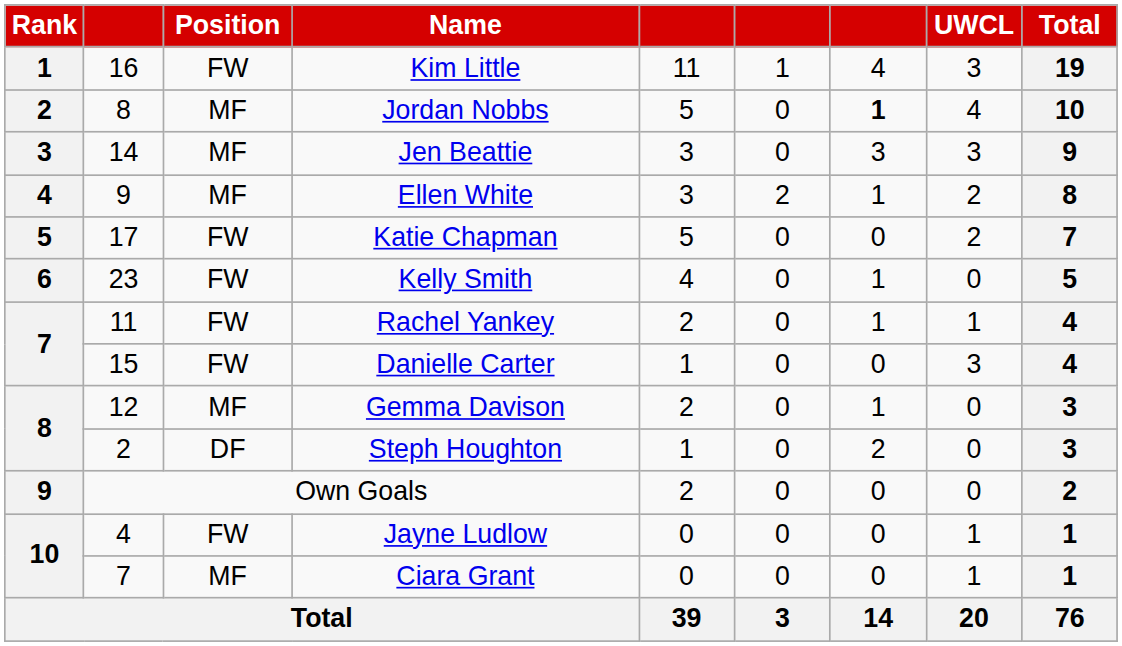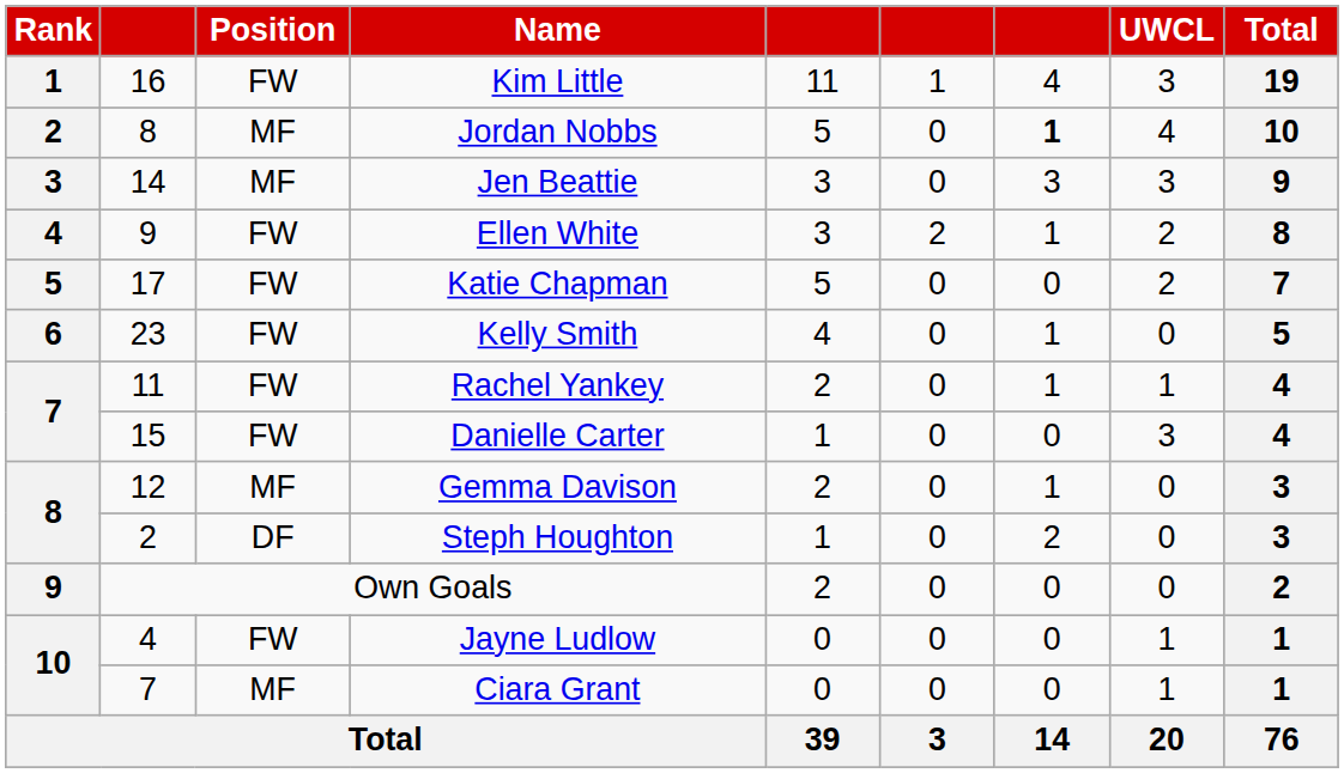 <table class="wikitable" style="text-align:center; font-size:100%; ">
 <tr>
 <th style="background:#d50000; color:white; text-align:center; width:40px">Rank</th>
 <th style="background:#d50000; color:white; text-align:center; width:40px"></th>
 <th style="background:#d50000; color:white; text-align:center; width:70px">Position</th>
 <th style="background:#d50000; color:white; text-align:center; width:200px">Name</th>
 <th style="background:#d50000; color:white; text-align:center; width:50px;"><a href='#'></a></th>
 <th style="background:#d50000; color:white; text-align:center; width:50px;"><a href='#'></a></th>
 <th style="background:#d50000; color:white; text-align:center; width:50px;"></th>
 <th style="background:#d50000; color:white; text-align:center; width:50px;">UWCL</th>
 <th style="background:#d50000; color:white; text-align:center; width:50px;">Total</th>
 </tr>
 <tr>
 <th>1</th>
 <td>16</td>
 <td>FW</td>
 <td> <a href='#'>Kim Little</a></td>
 <td>11</td>
 <td>1</td>
 <td>4</td>
 <td>3</td>
 <th>19</th>
 </tr>
 <tr>
 <th>2</th>
 <td>8</td>
 <td>MF</td>
 <td> <a href='#'>Jordan Nobbs</a></td>
 <td>5</td>
 <td>0</td>
 <td><strong>1</strong></td>
 <td>4</td>
 <th>10</th>
 </tr>
 <tr>
 <th>3</th>
 <td>14</td>
 <td>MF</td>
 <td> <a href='#'>Jen Beattie</a></td>
 <td>3</td>
 <td>0</td>
 <td>3</td>
 <td>3</td>
 <th>9</th>
 </tr>
 <tr>
 <th>4</th>
 <td>9</td>
-<td>MF</td>
+<td>FW</td>
 <td> <a href='#'>Ellen White</a></td>
 <td>3</td>
 <td>2</td>
 <td>1</td>
 <td>2</td>
 <th>8</th>
 </tr>
 <tr>
 <th>5</th>
 <td>17</td>
 <td>FW</td>
 <td><em></em> <a href='#'>Katie Chapman</a></td>
 <td>5</td>
 <td>0</td>
 <td>0</td>
 <td>2</td>
 <th>7</th>
 </tr>
 <tr>
 <th>6</th>
 <td>23</td>
 <td>FW</td>
 <td> <a href='#'>Kelly Smith</a></td>
 <td>4</td>
 <td>0</td>
 <td>1</td>
 <td>0</td>
 <th>5</th>
 </tr>
 <tr>
 <th rowspan="2">7</th>
 <td>11</td>
 <td>FW</td>
 <td> <a href='#'>Rachel Yankey</a></td>
 <td>2</td>
 <td>0</td>
 <td>1</td>
 <td>1</td>
 <th>4</th>
 </tr>
 <tr>
 <td>15</td>
 <td>FW</td>
 <td> <a href='#'>Danielle Carter</a></td>
 <td>1</td>
 <td>0</td>
 <td>0</td>
 <td>3</td>
 <th>4</th>
 </tr>
 <tr>
 <th rowspan="2">8</th>
 <td>12</td>
 <td>MF</td>
 <td> <a href='#'>Gemma Davison</a></td>
 <td>2</td>
 <td>0</td>
 <td>1</td>
 <td>0</td>
 <th>3</th>
 </tr>
 <tr>
 <td>2</td>
 <td>DF</td>
 <td> <a href='#'>Steph Houghton</a></td>
 <td>1</td>
 <td>0</td>
 <td>2</td>
 <td>0</td>
 <th>3</th>
 </tr>
 <tr>
 <th>9</th>
 <td colspan="3">Own Goals</td>
 <td>2</td>
 <td>0</td>
 <td>0</td>
 <td>0</td>
 <th>2</th>
 </tr>
 <tr>
 <th rowspan="2">10</th>
 <td>4</td>
 <td>FW</td>
 <td> <a href='#'>Jayne Ludlow</a></td>
 <td>0</td>
 <td>0</td>
 <td>0</td>
 <td>1</td>
 <th>1</th>
 </tr>
 <tr>
 <td>7</td>
 <td>MF</td>
 <td> <a href='#'>Ciara Grant</a></td>
 <td>0</td>
 <td>0</td>
 <td>0</td>
 <td>1</td>
 <th>1</th>
 </tr>
 <tr>
 <th colspan="4">Total</th>
 <th>39</th>
 <th>3</th>
 <th>14</th>
 <th>20</th>
 <th>76</th>
 </tr>
 </table>
